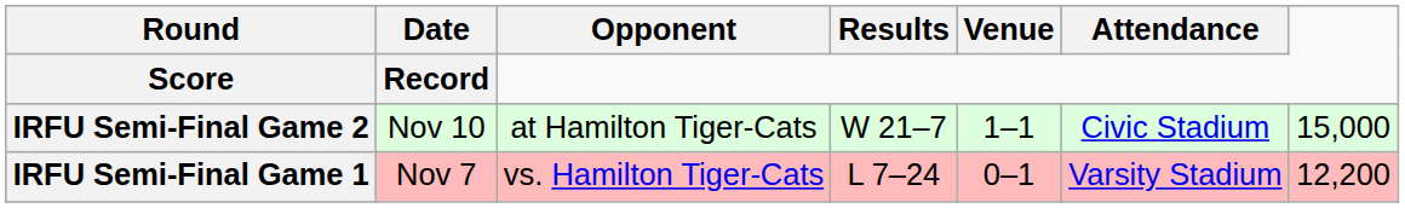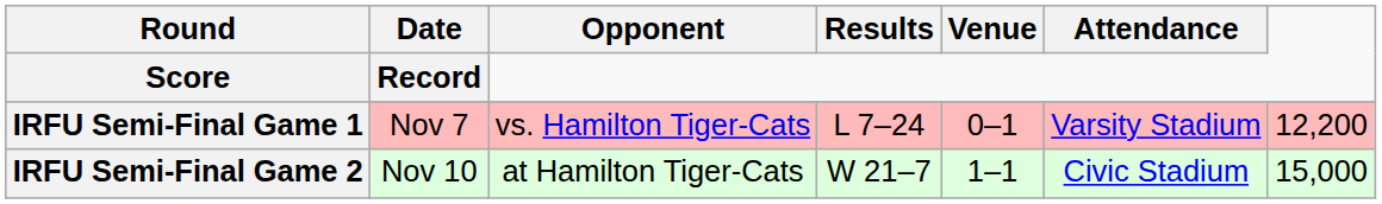 <table class="wikitable" style="text-align:center">
 <tr>
 <th>Round</th>
 <th>Date</th>
 <th>Opponent</th>
 <th>Results</th>
 <th>Venue</th>
 <th>Attendance</th>
 </tr>
 <tr>
 <th>Score</th>
 <th>Record</th>
 </tr>
+<tr style="background:#ffbbbb">
+<th>IRFU Semi-Final Game 1</th>
+<td>Nov 7</td>
+<td>vs. <a href='#'>Hamilton Tiger-Cats</a></td>
+<td>L 7–24</td>
+<td>0–1</td>
+<td><a href='#'>Varsity Stadium</a></td>
+<td>12,200</td>
+</tr>
 <tr style="background:#ddffdd">
 <th>IRFU Semi-Final Game 2</th>
 <td>Nov 10</td>
 <td>at Hamilton Tiger-Cats</td>
 <td>W 21–7</td>
 <td>1–1</td>
 <td><a href='#'>Civic Stadium</a></td>
 <td>15,000</td>
 </tr>
-<tr style="background:#ffbbbb">
-<th>IRFU Semi-Final Game 1</th>
-<td>Nov 7</td>
-<td>vs. <a href='#'>Hamilton Tiger-Cats</a></td>
-<td>L 7–24</td>
-<td>0–1</td>
-<td><a href='#'>Varsity Stadium</a></td>
-<td>12,200</td>
-</tr>
 </table>
